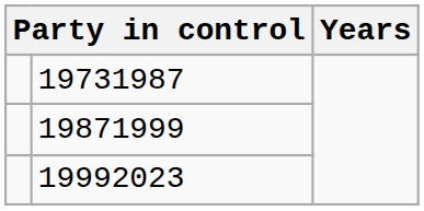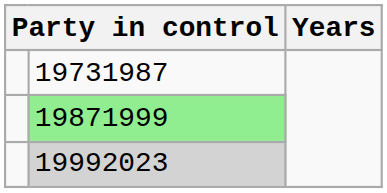 <table class="wikitable">
 <tr>
 <th colspan="2">Party in control</th>
 <th>Years</th>
 </tr>
 <tr>
 <td></td>
 <td>19731987</td>
 </tr>
 <tr>
 <td></td>
-<td>19871999</td>
+<td style="background: lightgreen;">19871999</td>
 </tr>
 <tr>
 <td></td>
-<td>19992023</td>
+<td style="background: lightgrey;">19992023</td>
 </tr>
 </table>
